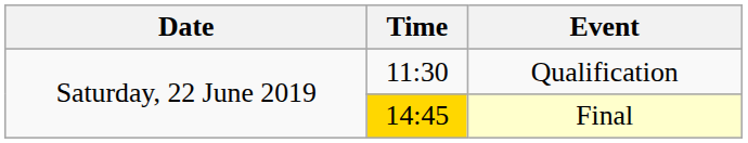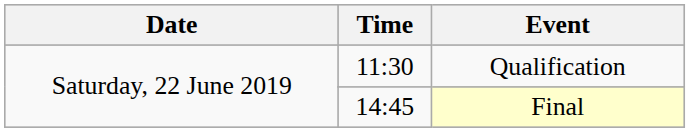 <table class = "wikitable" style="text-align:center;">
 <tr>
 <th width=200>Date</th>
 <th width=50>Time</th>
 <th width=150>Event</th>
 </tr>
 <tr>
 <td rowspan=2>Saturday, 22 June 2019</td>
 <td>11:30</td>
 <td>Qualification</td>
 </tr>
 <tr>
-<td style="background: gold;">14:45</td>
+<td>14:45</td>
 <td bgcolor=ffffcc>Final</td>
 </tr>
 </table>
